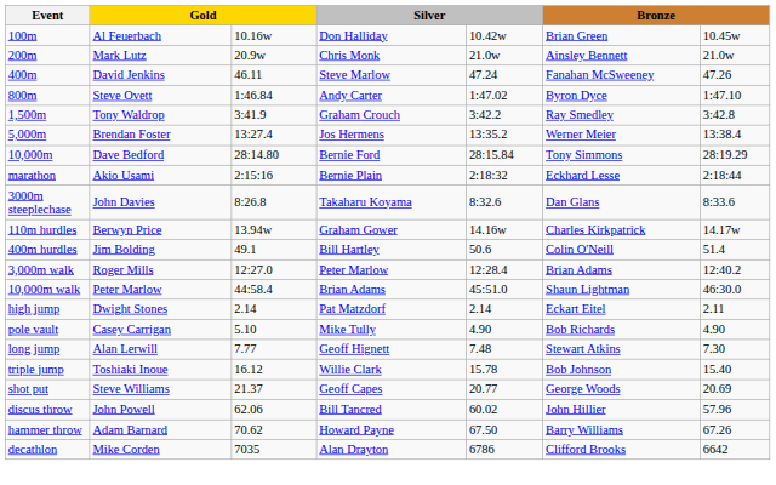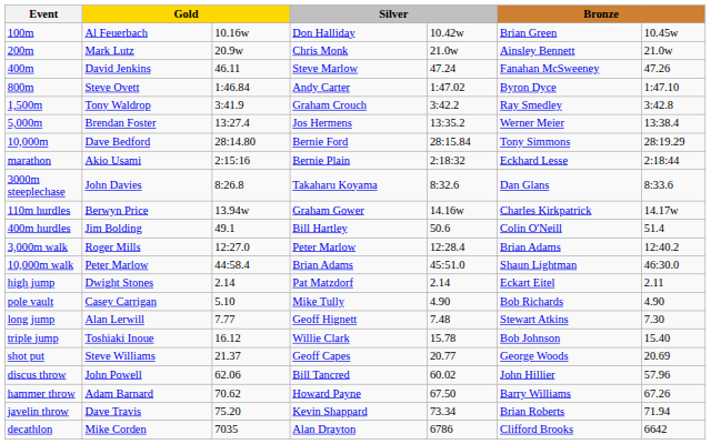 <table class="wikitable" style="text-align:left">
 <tr>
 <th width=100>Event</th>
 <th colspan="2" width="280" style="background:gold;">Gold</th>
 <th colspan="2" width="280" style="background:silver;">Silver</th>
 <th colspan="2" width="280" style="background:#CD7F32;">Bronze</th>
 </tr>
 <tr>
 <td><a href='#'>100m</a></td>
 <td> <a href='#'>Al Feuerbach</a></td>
 <td>10.16w</td>
 <td> <a href='#'>Don Halliday</a></td>
 <td>10.42w</td>
 <td><a href='#'>Brian Green</a></td>
 <td>10.45w</td>
 </tr>
 <tr>
 <td><a href='#'>200m</a></td>
 <td> <a href='#'>Mark Lutz</a></td>
 <td>20.9w</td>
 <td><a href='#'>Chris Monk</a></td>
 <td>21.0w</td>
 <td><a href='#'>Ainsley Bennett</a></td>
 <td>21.0w</td>
 </tr>
 <tr>
 <td><a href='#'>400m</a></td>
 <td> <a href='#'>David Jenkins</a></td>
 <td>46.11</td>
 <td><a href='#'>Steve Marlow</a></td>
 <td>47.24</td>
 <td> <a href='#'>Fanahan McSweeney</a></td>
 <td>47.26</td>
 </tr>
 <tr>
 <td><a href='#'>800m</a></td>
 <td><a href='#'>Steve Ovett</a></td>
 <td>1:46.84</td>
 <td><a href='#'>Andy Carter</a></td>
 <td>1:47.02</td>
 <td> <a href='#'>Byron Dyce</a></td>
 <td>1:47.10</td>
 </tr>
 <tr>
 <td><a href='#'>1,500m</a></td>
 <td> <a href='#'>Tony Waldrop</a></td>
 <td>3:41.9</td>
 <td> <a href='#'>Graham Crouch</a></td>
 <td>3:42.2</td>
 <td><a href='#'>Ray Smedley</a></td>
 <td>3:42.8</td>
 </tr>
 <tr>
 <td><a href='#'>5,000m</a></td>
 <td><a href='#'>Brendan Foster</a></td>
 <td>13:27.4</td>
 <td> <a href='#'>Jos Hermens</a></td>
 <td>13:35.2</td>
 <td> <a href='#'>Werner Meier</a></td>
 <td>13:38.4</td>
 </tr>
 <tr>
 <td><a href='#'>10,000m</a></td>
 <td><a href='#'>Dave Bedford</a></td>
 <td>28:14.80</td>
 <td><a href='#'>Bernie Ford</a></td>
 <td>28:15.84</td>
 <td> <a href='#'>Tony Simmons</a></td>
 <td>28:19.29</td>
 </tr>
 <tr>
 <td><a href='#'>marathon</a></td>
 <td> <a href='#'>Akio Usami</a></td>
 <td>2:15:16</td>
 <td><a href='#'>Bernie Plain</a></td>
 <td>2:18:32</td>
 <td> <a href='#'>Eckhard Lesse</a></td>
 <td>2:18:44</td>
 </tr>
 <tr>
 <td><a href='#'>3000m steeplechase</a></td>
 <td> <a href='#'>John Davies</a></td>
 <td>8:26.8</td>
 <td> <a href='#'>Takaharu Koyama</a></td>
 <td>8:32.6</td>
 <td> <a href='#'>Dan Glans</a></td>
 <td>8:33.6</td>
 </tr>
 <tr>
 <td><a href='#'>110m hurdles</a></td>
 <td> <a href='#'>Berwyn Price</a></td>
 <td>13.94w</td>
 <td><a href='#'>Graham Gower</a></td>
 <td>14.16w</td>
 <td> <a href='#'>Charles Kirkpatrick</a></td>
 <td>14.17w</td>
 </tr>
 <tr>
 <td><a href='#'>400m hurdles</a></td>
 <td> <a href='#'>Jim Bolding</a></td>
 <td>49.1</td>
 <td><a href='#'>Bill Hartley</a></td>
 <td>50.6</td>
 <td><a href='#'>Colin O'Neill</a></td>
 <td>51.4</td>
 </tr>
 <tr>
 <td><a href='#'>3,000m walk</a></td>
 <td><a href='#'>Roger Mills</a></td>
 <td>12:27.0</td>
 <td><a href='#'>Peter Marlow</a></td>
 <td>12:28.4</td>
 <td><a href='#'>Brian Adams</a></td>
 <td>12:40.2</td>
 </tr>
 <tr>
 <td><a href='#'>10,000m walk</a></td>
 <td><a href='#'>Peter Marlow</a></td>
 <td>44:58.4</td>
 <td><a href='#'>Brian Adams</a></td>
 <td>45:51.0</td>
 <td><a href='#'>Shaun Lightman</a></td>
 <td>46:30.0</td>
 </tr>
 <tr>
 <td><a href='#'>high jump</a></td>
 <td> <a href='#'>Dwight Stones</a></td>
 <td>2.14</td>
 <td> <a href='#'>Pat Matzdorf</a></td>
 <td>2.14</td>
 <td> <a href='#'>Eckart Eitel</a></td>
 <td>2.11</td>
 </tr>
 <tr>
 <td><a href='#'>pole vault</a></td>
 <td> <a href='#'>Casey Carrigan</a></td>
 <td>5.10</td>
 <td> <a href='#'>Mike Tully</a></td>
 <td>4.90</td>
 <td> <a href='#'>Bob Richards</a></td>
 <td>4.90</td>
 </tr>
 <tr>
 <td><a href='#'>long jump</a></td>
 <td><a href='#'>Alan Lerwill</a></td>
 <td>7.77</td>
 <td><a href='#'>Geoff Hignett</a></td>
 <td>7.48</td>
 <td> <a href='#'>Stewart Atkins</a></td>
 <td>7.30</td>
 </tr>
 <tr>
 <td><a href='#'>triple jump</a></td>
 <td> <a href='#'>Toshiaki Inoue</a></td>
 <td>16.12</td>
 <td> <a href='#'>Willie Clark</a></td>
 <td>15.78</td>
 <td><a href='#'>Bob Johnson</a></td>
 <td>15.40</td>
 </tr>
 <tr>
 <td><a href='#'>shot put</a></td>
 <td> <a href='#'>Steve Williams</a></td>
 <td>21.37</td>
 <td><a href='#'>Geoff Capes</a></td>
 <td>20.77</td>
 <td> <a href='#'>George Woods</a></td>
 <td>20.69</td>
 </tr>
 <tr>
 <td><a href='#'>discus throw</a></td>
 <td> <a href='#'>John Powell</a></td>
 <td>62.06</td>
 <td><a href='#'>Bill Tancred</a></td>
 <td>60.02</td>
 <td><a href='#'>John Hillier</a></td>
 <td>57.96</td>
 </tr>
 <tr>
 <td><a href='#'>hammer throw</a></td>
 <td> <a href='#'>Adam Barnard</a></td>
 <td>70.62</td>
 <td><a href='#'>Howard Payne</a></td>
 <td>67.50</td>
 <td><a href='#'>Barry Williams</a></td>
 <td>67.26</td>
 </tr>
 <tr>
+<td><a href='#'>javelin throw</a></td>
+<td><a href='#'>Dave Travis</a></td>
+<td>75.20</td>
+<td><a href='#'>Kevin Shappard</a></td>
+<td>73.34</td>
+<td><a href='#'>Brian Roberts</a></td>
+<td>71.94</td>
+</tr>
+<tr>
 <td><a href='#'>decathlon</a></td>
 <td><a href='#'>Mike Corden</a></td>
 <td>7035</td>
 <td><a href='#'>Alan Drayton</a></td>
 <td>6786</td>
 <td> <a href='#'>Clifford Brooks</a></td>
 <td>6642</td>
 </tr>
 </table>
